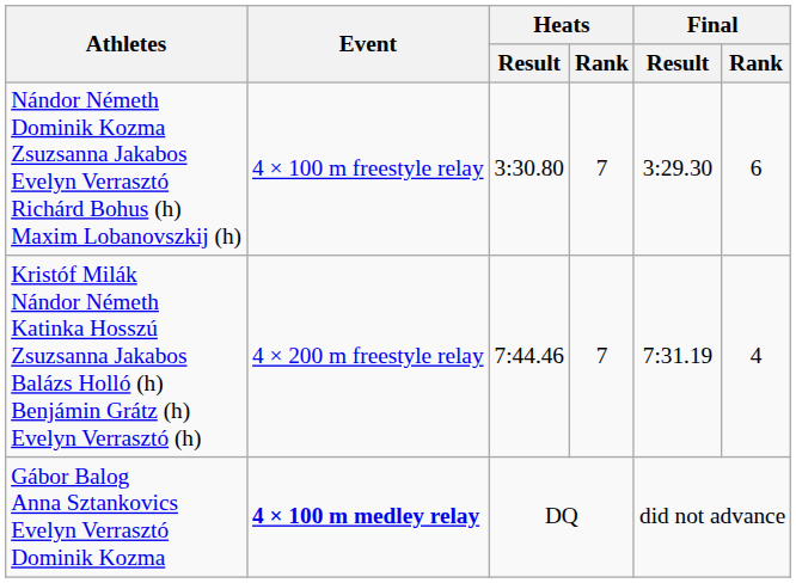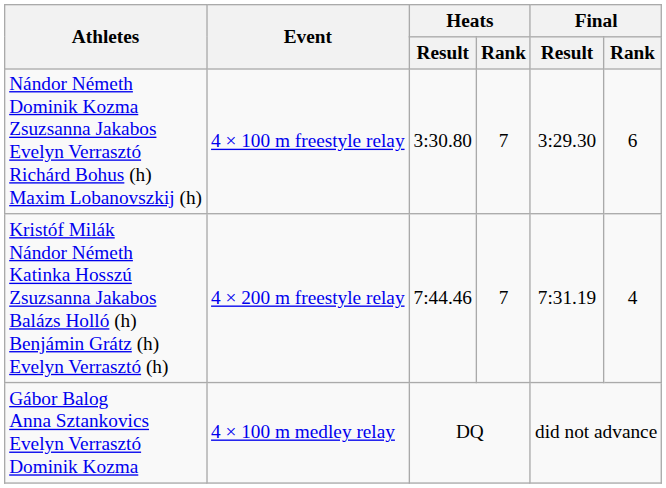 <table class="wikitable" border="1" style="font-size:90%; text-align:center">
 <tr>
 <th rowspan="2">Athletes</th>
 <th rowspan="2">Event</th>
 <th colspan="2">Heats</th>
 <th colspan="2">Final</th>
 </tr>
 <tr>
 <th>Result</th>
 <th>Rank</th>
 <th>Result</th>
 <th>Rank</th>
 </tr>
 <tr>
 <td align="left"><a href='#'>Nándor Németh</a><br><a href='#'>Dominik Kozma</a><br><a href='#'>Zsuzsanna Jakabos</a><br><a href='#'>Evelyn Verrasztó</a><br><a href='#'>Richárd Bohus</a> (h)<br><a href='#'>Maxim Lobanovszkij</a> (h)</td>
 <td align="left"><a href='#'>4 × 100 m freestyle relay</a></td>
 <td>3:30.80</td>
 <td>7</td>
 <td>3:29.30</td>
 <td>6</td>
 </tr>
 <tr>
 <td align="left"><a href='#'>Kristóf Milák</a><br><a href='#'>Nándor Németh</a><br><a href='#'>Katinka Hosszú</a><br><a href='#'>Zsuzsanna Jakabos</a><br><a href='#'>Balázs Holló</a> (h)<br><a href='#'>Benjámin Grátz</a> (h)<br><a href='#'>Evelyn Verrasztó</a> (h)</td>
 <td align="left"><a href='#'>4 × 200 m freestyle relay</a></td>
 <td>7:44.46</td>
 <td>7 <strong></strong></td>
 <td>7:31.19</td>
 <td>4</td>
 </tr>
 <tr>
 <td align="left"><a href='#'>Gábor Balog</a><br><a href='#'>Anna Sztankovics</a><br><a href='#'>Evelyn Verrasztó</a><br><a href='#'>Dominik Kozma</a></td>
-<td align="left"><strong><a href='#'>4 × 100 m medley relay</a></strong></td>
+<td align="left"><a href='#'>4 × 100 m medley relay</a></td>
 <td colspan=2>DQ</td>
 <td colspan=2>did not advance</td>
 </tr>
 </table>
